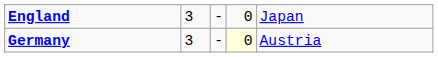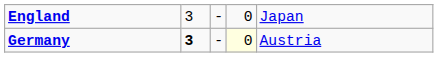 <table class="wikitable">
 <tr>
 <td width=150> <strong><a href='#'>England</a></strong></td>
 <td style="width:20px; text-align:left;">3</td>
 <td>-</td>
 <td style="width:20px; text-align:right;">0</td>
 <td width=150> <a href='#'>Japan</a></td>
 </tr>
 <tr>
 <td> <strong><a href='#'>Germany</a></strong></td>
-<td style="text-align:left;">3</td>
+<td style="text-align:left;"><strong>3</strong></td>
 <td>-</td>
 <td style="background: lightyellow; text-align:right;">0</td>
 <td> <a href='#'>Austria</a></td>
 </tr>
 </table>
